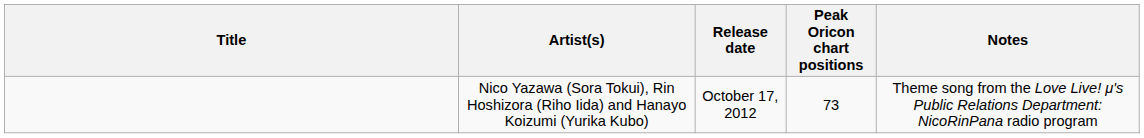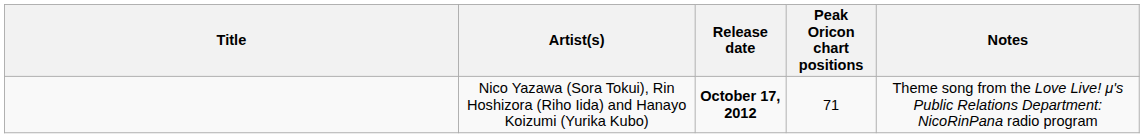 <table class="wikitable" style="text-align:center;">
 <tr>
 <th scope="col" rowspan="1" width="40%">Title</th>
 <th scope="col" rowspan="1">Artist(s)</th>
 <th scope="col" rowspan="1" width="8%">Release date</th>
 <th scope="col" rowspan="1" width="8%">Peak Oricon<br>chart positions</th>
 <th scope="col" rowspan="1">Notes</th>
 </tr>
 <tr>
 <td></td>
 <td>Nico Yazawa (Sora Tokui), Rin Hoshizora (Riho Iida) and Hanayo Koizumi (Yurika Kubo)</td>
-<td>October 17, 2012</td>
-<td>73</td>
+<td><strong>October 17, 2012</strong></td>
+<td>71</td>
 <td>Theme song from the <em>Love Live! μ's Public Relations Department: NicoRinPana</em> radio program</td>
 </tr>
 </table>
